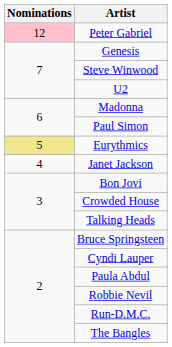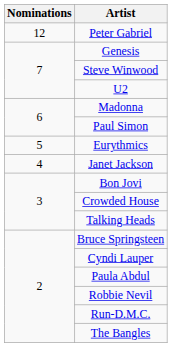 <table class="wikitable" rowspan="2" style="text-align:center">
 <tr>
 <th scope="col" style="width:55px;">Nominations</th>
 <th scope="col" style="text-align:center;">Artist</th>
 </tr>
 <tr>
-<td style="background: pink; text-align:center">12</td>
+<td style="text-align:center">12</td>
 <td><a href='#'>Peter Gabriel</a></td>
 </tr>
 <tr>
 <td rowspan="3" style="text-align:center">7</td>
 <td><a href='#'>Genesis</a></td>
 </tr>
 <tr>
 <td><a href='#'>Steve Winwood</a></td>
 </tr>
 <tr>
 <td><a href='#'>U2</a></td>
 </tr>
 <tr>
 <td rowspan="2" style="text-align:center">6</td>
 <td><a href='#'>Madonna</a></td>
 </tr>
 <tr>
 <td><a href='#'>Paul Simon</a></td>
 </tr>
 <tr>
-<td style="background: khaki; text-align:center">5</td>
+<td style="text-align:center">5</td>
 <td><a href='#'>Eurythmics</a></td>
 </tr>
 <tr>
 <td style="text-align:center">4</td>
 <td><a href='#'>Janet Jackson</a></td>
 </tr>
 <tr>
 <td rowspan="3" style="text-align:center">3</td>
 <td><a href='#'>Bon Jovi</a></td>
 </tr>
 <tr>
 <td><a href='#'>Crowded House</a></td>
 </tr>
 <tr>
 <td><a href='#'>Talking Heads</a></td>
 </tr>
 <tr>
 <td rowspan="6" style="text-align:center">2</td>
 <td><a href='#'>Bruce Springsteen</a></td>
 </tr>
 <tr>
 <td><a href='#'>Cyndi Lauper</a></td>
 </tr>
 <tr>
 <td><a href='#'>Paula Abdul</a></td>
 </tr>
 <tr>
 <td><a href='#'>Robbie Nevil</a></td>
 </tr>
 <tr>
 <td><a href='#'>Run-D.M.C.</a></td>
 </tr>
 <tr>
 <td><a href='#'>The Bangles</a></td>
 </tr>
 </table>
